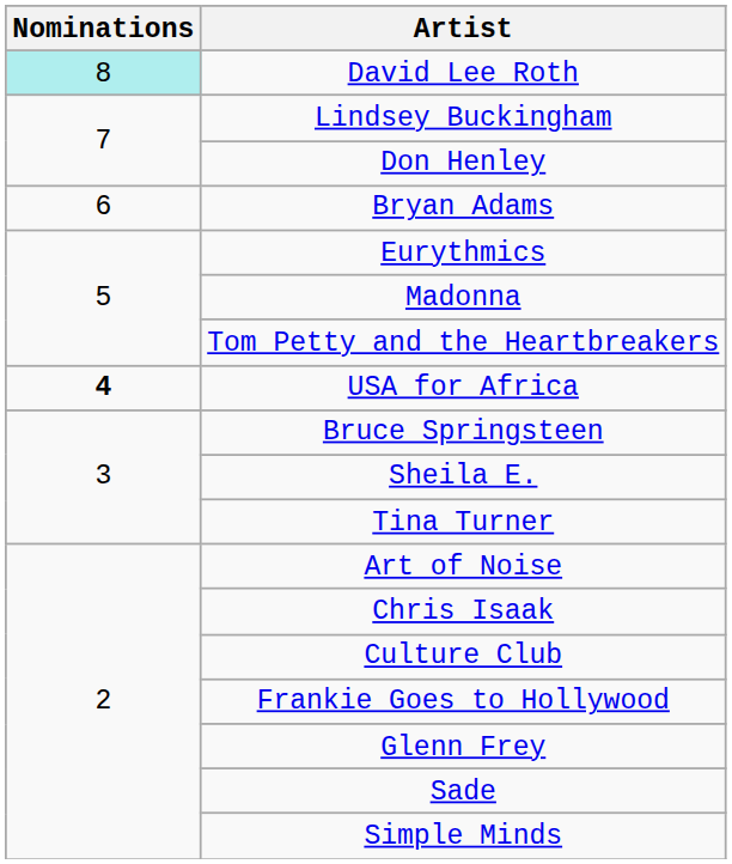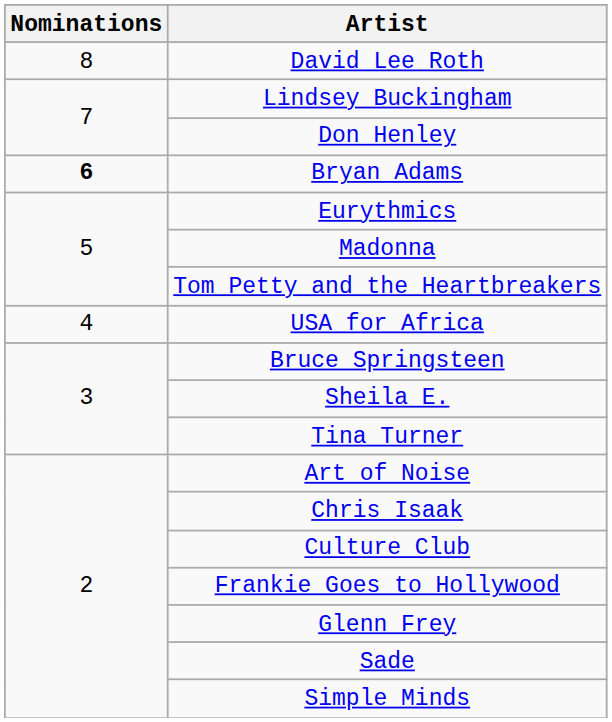 <table class="wikitable" rowspan="2" style="text-align:center">
 <tr>
 <th scope="col" style="width:55px;">Nominations</th>
 <th scope="col" style="text-align:center;">Artist</th>
 </tr>
 <tr>
-<td style="background: paleturquoise; text-align:center">8</td>
+<td style="text-align:center">8</td>
 <td><a href='#'>David Lee Roth</a></td>
 </tr>
 <tr>
 <td rowspan="2" style="text-align:center">7</td>
 <td><a href='#'>Lindsey Buckingham</a></td>
 </tr>
 <tr>
 <td><a href='#'>Don Henley</a></td>
 </tr>
 <tr>
-<td style="text-align:center">6</td>
+<td style="text-align:center"><strong>6</strong></td>
 <td><a href='#'>Bryan Adams</a></td>
 </tr>
 <tr>
 <td rowspan="3" style="text-align:center">5</td>
 <td><a href='#'>Eurythmics</a></td>
 </tr>
 <tr>
 <td><a href='#'>Madonna</a></td>
 </tr>
 <tr>
 <td><a href='#'>Tom Petty and the Heartbreakers</a></td>
 </tr>
 <tr>
-<td style="text-align:center"><strong>4</strong></td>
+<td style="text-align:center">4</td>
 <td><a href='#'>USA for Africa</a></td>
 </tr>
 <tr>
 <td rowspan="3" style="text-align:center">3</td>
 <td><a href='#'>Bruce Springsteen</a></td>
 </tr>
 <tr>
 <td><a href='#'>Sheila E.</a></td>
 </tr>
 <tr>
 <td><a href='#'>Tina Turner</a></td>
 </tr>
 <tr>
 <td rowspan="7" style="text-align:center">2</td>
 <td><a href='#'>Art of Noise</a></td>
 </tr>
 <tr>
 <td><a href='#'>Chris Isaak</a></td>
 </tr>
 <tr>
 <td><a href='#'>Culture Club</a></td>
 </tr>
 <tr>
 <td><a href='#'>Frankie Goes to Hollywood</a></td>
 </tr>
 <tr>
 <td><a href='#'>Glenn Frey</a></td>
 </tr>
 <tr>
 <td><a href='#'>Sade</a></td>
 </tr>
 <tr>
 <td><a href='#'>Simple Minds</a></td>
 </tr>
 </table>
